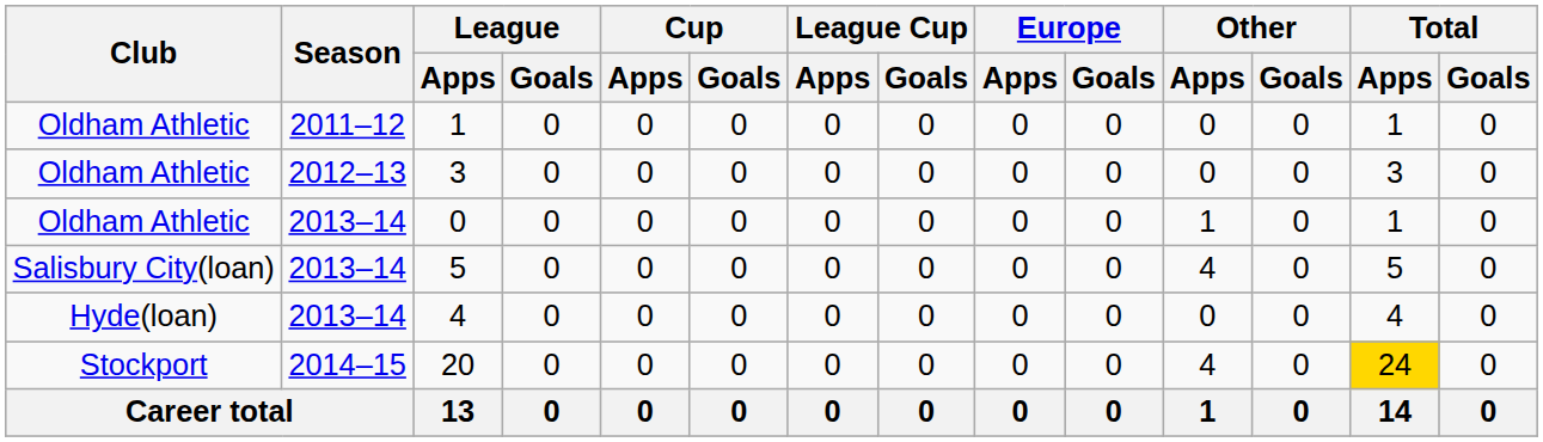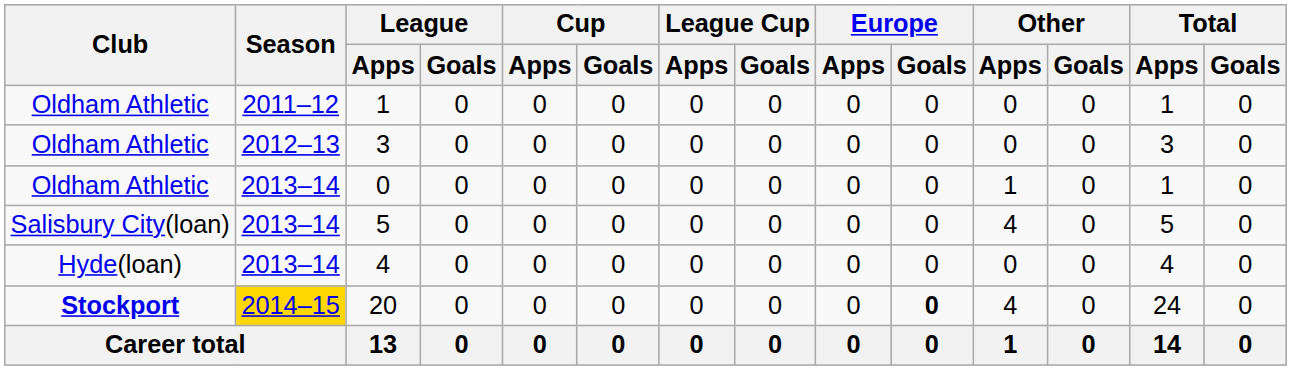 <table class="wikitable" style="text-align:center">
 <tr>
 <th rowspan="2">Club</th>
 <th rowspan="2">Season</th>
 <th colspan="2">League</th>
 <th colspan="2">Cup</th>
 <th colspan="2">League Cup</th>
 <th colspan="2"><a href='#'>Europe</a></th>
 <th colspan="2">Other</th>
 <th colspan="2">Total</th>
 </tr>
 <tr>
 <th>Apps</th>
 <th>Goals</th>
 <th>Apps</th>
 <th>Goals</th>
 <th>Apps</th>
 <th>Goals</th>
 <th>Apps</th>
 <th>Goals</th>
 <th>Apps</th>
 <th>Goals</th>
 <th>Apps</th>
 <th>Goals</th>
 </tr>
 <tr>
 <td><a href='#'>Oldham Athletic</a></td>
 <td><a href='#'>2011–12</a></td>
 <td>1</td>
 <td>0</td>
 <td>0</td>
 <td>0</td>
 <td>0</td>
 <td>0</td>
 <td>0</td>
 <td>0</td>
 <td>0</td>
 <td>0</td>
 <td>1</td>
 <td>0</td>
 </tr>
 <tr>
 <td><a href='#'>Oldham Athletic</a></td>
 <td><a href='#'>2012–13</a></td>
 <td>3</td>
 <td>0</td>
 <td>0</td>
 <td>0</td>
 <td>0</td>
 <td>0</td>
 <td>0</td>
 <td>0</td>
 <td>0</td>
 <td>0</td>
 <td>3</td>
 <td>0</td>
 </tr>
 <tr>
 <td><a href='#'>Oldham Athletic</a></td>
 <td><a href='#'>2013–14</a></td>
 <td>0</td>
 <td>0</td>
 <td>0</td>
 <td>0</td>
 <td>0</td>
 <td>0</td>
 <td>0</td>
 <td>0</td>
 <td>1</td>
 <td>0</td>
 <td>1</td>
 <td>0</td>
 </tr>
 <tr>
 <td><a href='#'>Salisbury City</a>(loan)</td>
 <td><a href='#'>2013–14</a></td>
 <td>5</td>
 <td>0</td>
 <td>0</td>
 <td>0</td>
 <td>0</td>
 <td>0</td>
 <td>0</td>
 <td>0</td>
 <td>4</td>
 <td>0</td>
 <td>5</td>
 <td>0</td>
 </tr>
 <tr>
 <td><a href='#'>Hyde</a>(loan)</td>
 <td><a href='#'>2013–14</a></td>
 <td>4</td>
 <td>0</td>
 <td>0</td>
 <td>0</td>
 <td>0</td>
 <td>0</td>
 <td>0</td>
 <td>0</td>
 <td>0</td>
 <td>0</td>
 <td>4</td>
 <td>0</td>
 </tr>
 <tr>
-<td><a href='#'>Stockport</a></td>
-<td><a href='#'>2014–15</a></td>
+<td><strong><a href='#'>Stockport</a></strong></td>
+<td style="background: gold;"><a href='#'>2014–15</a></td>
 <td>20</td>
 <td>0</td>
 <td>0</td>
 <td>0</td>
 <td>0</td>
 <td>0</td>
 <td>0</td>
-<td>0</td>
+<td><strong>0</strong></td>
 <td>4</td>
 <td>0</td>
-<td style="background: gold;">24</td>
+<td>24</td>
 <td>0</td>
 </tr>
 <tr>
 <th colspan="2">Career total</th>
 <th>13</th>
 <th>0</th>
 <th>0</th>
 <th>0</th>
 <th>0</th>
 <th>0</th>
 <th>0</th>
 <th>0</th>
 <th>1</th>
 <th>0</th>
 <th>14</th>
 <th>0</th>
 </tr>
 </table>
